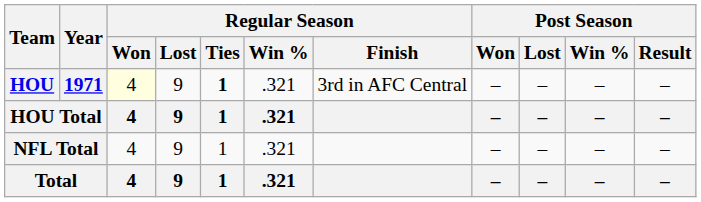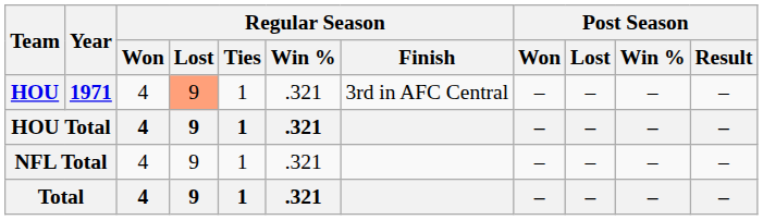 <table class="wikitable" style="font-size: 95%; text-align:center;">
 <tr>
 <th rowspan="2">Team</th>
 <th rowspan="2">Year</th>
 <th colspan="5">Regular Season</th>
 <th colspan="4">Post Season</th>
 </tr>
 <tr>
 <th>Won</th>
 <th>Lost</th>
 <th>Ties</th>
 <th>Win %</th>
 <th>Finish</th>
 <th>Won</th>
 <th>Lost</th>
 <th>Win %</th>
 <th>Result</th>
 </tr>
 <tr>
 <th><a href='#'>HOU</a></th>
 <th><a href='#'>1971</a></th>
-<td style="background: lightyellow;">4</td>
-<td>9</td>
-<td><strong>1</strong></td>
+<td>4</td>
+<td style="background: lightsalmon;">9</td>
+<td>1</td>
 <td>.321</td>
 <td>3rd in AFC Central</td>
 <td>–</td>
 <td>–</td>
 <td>–</td>
 <td>–</td>
 </tr>
 <tr>
 <th colspan="2">HOU Total</th>
 <th>4</th>
 <th>9</th>
 <th>1</th>
 <th>.321</th>
 <th></th>
 <th>–</th>
 <th>–</th>
 <th>–</th>
 <th>–</th>
 </tr>
 <tr>
 <th colspan="2">NFL Total</th>
 <td>4</td>
 <td>9</td>
 <td>1</td>
 <td>.321</td>
 <td></td>
 <td>–</td>
 <td>–</td>
 <td>–</td>
 <td>–</td>
 </tr>
 <tr>
 <th colspan="2">Total</th>
 <th>4</th>
 <th>9</th>
 <th>1</th>
 <th>.321</th>
 <th></th>
 <th>–</th>
 <th>–</th>
 <th>–</th>
 <th>–</th>
 </tr>
 </table>
